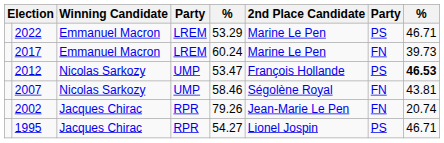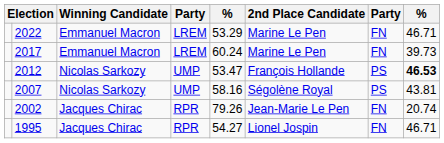 <table class="wikitable">
 <tr>
 <th colspan="2">Election</th>
 <th>Winning Candidate</th>
 <th>Party</th>
 <th>%</th>
 <th>2nd Place Candidate</th>
 <th>Party</th>
 <th>%</th>
 </tr>
 <tr>
 <td style="background-color: "></td>
 <td><a href='#'>2022</a></td>
 <td><a href='#'>Emmanuel Macron</a></td>
 <td><a href='#'>LREM</a></td>
 <td>53.29</td>
 <td><a href='#'>Marine Le Pen</a></td>
-<td><a href='#'>PS</a></td>
+<td><a href='#'>FN</a></td>
 <td>46.71</td>
 </tr>
 <tr>
 <td style="background-color: "></td>
 <td><a href='#'>2017</a></td>
 <td><a href='#'>Emmanuel Macron</a></td>
 <td><a href='#'>LREM</a></td>
 <td>60.24</td>
 <td><a href='#'>Marine Le Pen</a></td>
 <td><a href='#'>FN</a></td>
 <td>39.73</td>
 </tr>
 <tr>
 <td style="background-color: "></td>
 <td><a href='#'>2012</a></td>
 <td><a href='#'>Nicolas Sarkozy</a></td>
 <td><a href='#'>UMP</a></td>
 <td>53.47</td>
 <td><a href='#'>François Hollande</a></td>
 <td><a href='#'>PS</a></td>
 <td><strong>46.53</strong></td>
 </tr>
 <tr>
 <td style="background-color: "></td>
 <td><a href='#'>2007</a></td>
 <td><a href='#'>Nicolas Sarkozy</a></td>
 <td><a href='#'>UMP</a></td>
-<td>58.46</td>
+<td>58.16</td>
 <td><a href='#'>Ségolène Royal</a></td>
-<td><a href='#'>FN</a></td>
+<td><a href='#'>PS</a></td>
 <td>43.81</td>
 </tr>
 <tr>
 <td style="background-color: "></td>
 <td><a href='#'>2002</a></td>
 <td><a href='#'>Jacques Chirac</a></td>
 <td><a href='#'>RPR</a></td>
 <td>79.26</td>
 <td><a href='#'>Jean-Marie Le Pen</a></td>
 <td><a href='#'>FN</a></td>
 <td>20.74</td>
 </tr>
 <tr>
 <td style="background-color: "></td>
 <td><a href='#'>1995</a></td>
 <td><a href='#'>Jacques Chirac</a></td>
 <td><a href='#'>RPR</a></td>
 <td>54.27</td>
 <td><a href='#'>Lionel Jospin</a></td>
-<td><a href='#'>PS</a></td>
+<td><a href='#'>FN</a></td>
 <td>46.71</td>
 </tr>
 </table>
